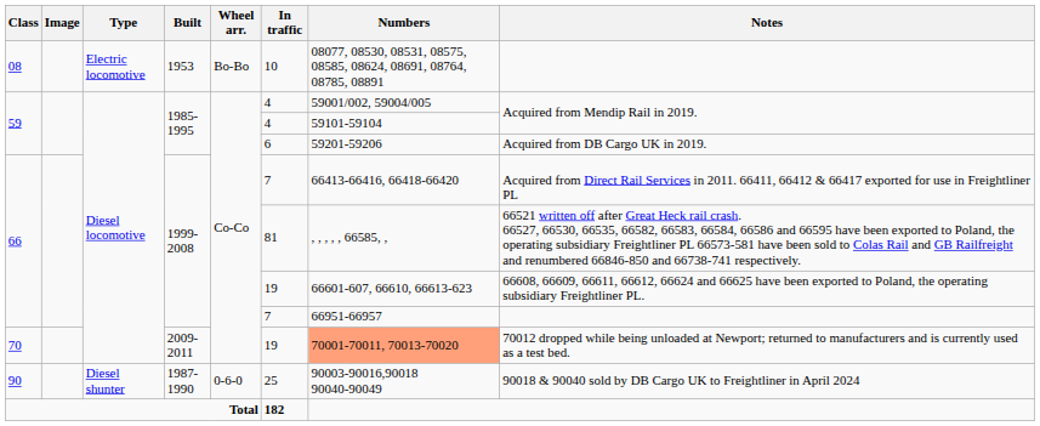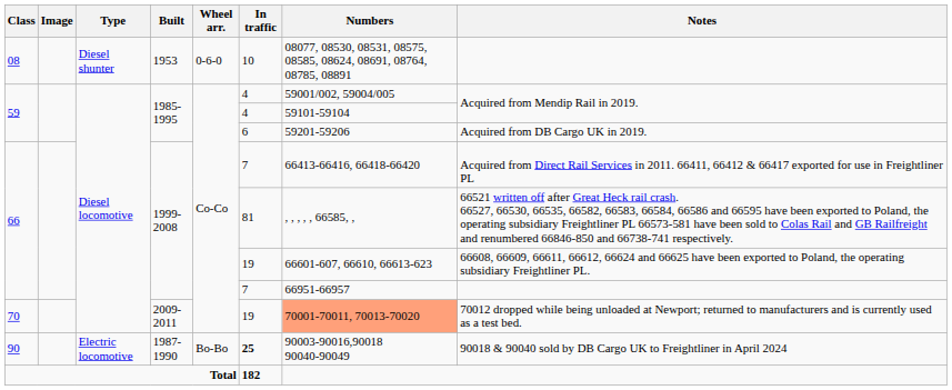 <table class="wikitable">
 <tr>
 <th align=left>Class</th>
 <th align=left>Image</th>
 <th align=left>Type</th>
 <th align=left>Built</th>
 <th align=left>Wheel arr.</th>
 <th align=left>In traffic</th>
 <th align=left>Numbers</th>
 <th>Notes</th>
 </tr>
 <tr>
 <td><a href='#'>08</a></td>
 <td></td>
-<td><a href='#'>Electric locomotive</a></td>
+<td><a href='#'>Diesel shunter</a></td>
 <td>1953</td>
-<td>Bo-Bo</td>
+<td>0-6-0</td>
 <td>10</td>
 <td>08077, 08530, 08531, 08575, 08585, 08624, 08691, 08764, 08785, 08891</td>
 <td></td>
 </tr>
 <tr>
 <td rowspan="3"><a href='#'>59</a></td>
 <td rowspan="3"></td>
 <td rowspan="8"><a href='#'>Diesel locomotive</a></td>
 <td rowspan="3" align="centre">1985-1995</td>
 <td rowspan="8">Co-Co</td>
 <td align=centre>4</td>
 <td align=left>59001/002, 59004/005</td>
 <td rowspan="2">Acquired from Mendip Rail in 2019.</td>
 </tr>
 <tr>
 <td>4</td>
 <td>59101-59104</td>
 </tr>
 <tr>
 <td>6</td>
 <td>59201-59206</td>
 <td>Acquired from DB Cargo UK in 2019.</td>
 </tr>
 <tr>
 <td rowspan="4"><a href='#'>66</a></td>
 <td rowspan="4"></td>
 <td rowspan="4">1999-2008</td>
 <td>7</td>
 <td>66413-66416, 66418-66420</td>
 <td><br>Acquired from <a href='#'>Direct Rail Services</a> in 2011. 66411, 66412 & 66417 exported for use in Freightliner PL</td>
 </tr>
 <tr>
 <td>81</td>
 <td>, , , , , 66585, , </td>
 <td>66521 <a href='#'>written off</a> after <a href='#'>Great Heck rail crash</a>.<br>66527, 66530, 66535, 66582, 66583, 66584, 66586 and 66595 have been exported to Poland, the operating subsidiary Freightliner PL 66573-581 have been sold to <a href='#'>Colas Rail</a> and <a href='#'>GB Railfreight</a> and renumbered 66846-850 and 66738-741 respectively.</td>
 </tr>
 <tr>
 <td>19</td>
 <td>66601-607, 66610, 66613-623</td>
 <td>66608, 66609, 66611, 66612, 66624 and 66625 have been exported to Poland, the operating subsidiary Freightliner PL.</td>
 </tr>
 <tr>
 <td>7</td>
 <td>66951-66957</td>
 <td></td>
 </tr>
 <tr>
 <td><a href='#'>70</a></td>
 <td></td>
 <td>2009-2011</td>
 <td>19</td>
 <td style="background: lightsalmon;">70001-70011, 70013-70020</td>
 <td>70012 dropped while being unloaded at Newport; returned to manufacturers and is currently used as a test bed.</td>
 </tr>
 <tr>
 <td><a href='#'>90</a></td>
 <td></td>
-<td><a href='#'>Diesel shunter</a></td>
+<td><a href='#'>Electric locomotive</a></td>
 <td>1987-1990</td>
-<td>0-6-0</td>
-<td>25</td>
+<td>Bo-Bo</td>
+<td><strong>25</strong></td>
 <td>90003-90016,90018<br>90040-90049</td>
 <td>90018 & 90040 sold by DB Cargo UK to Freightliner in April 2024</td>
 </tr>
 <tr>
 <td colspan=5 align=right><strong>Total</strong></td>
 <td><strong>182</strong></td>
 <td colspan=2></td>
 </tr>
 </table>
